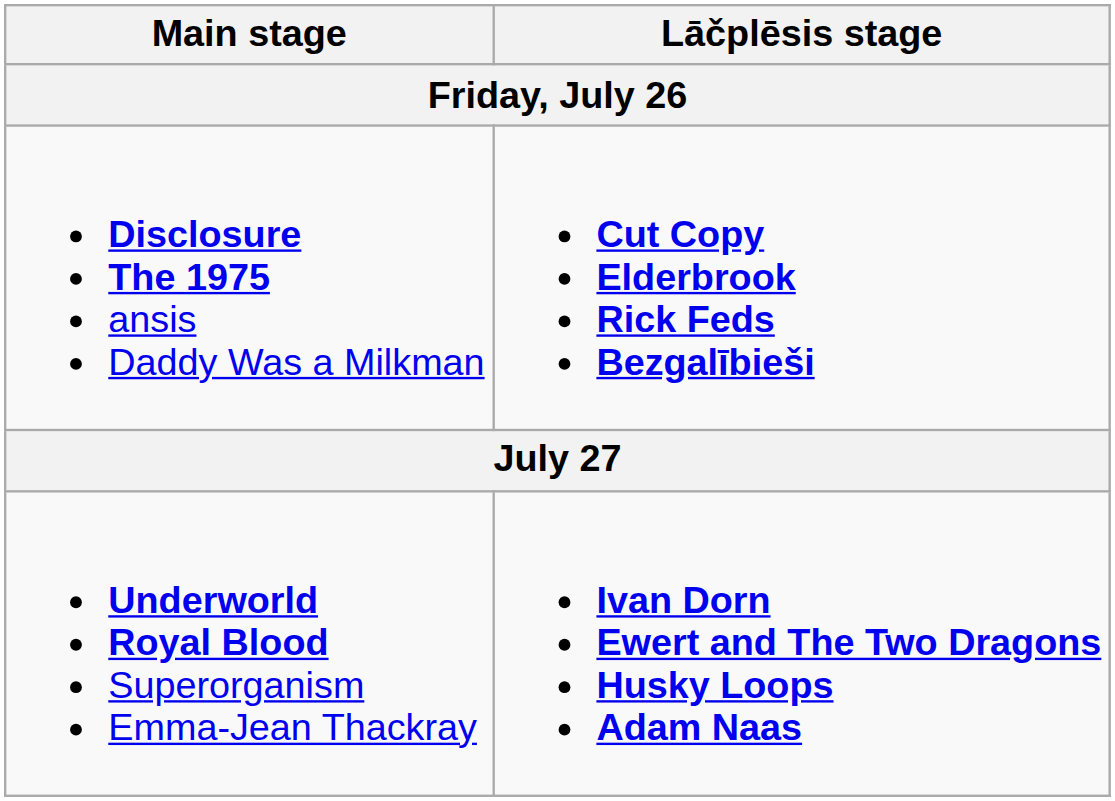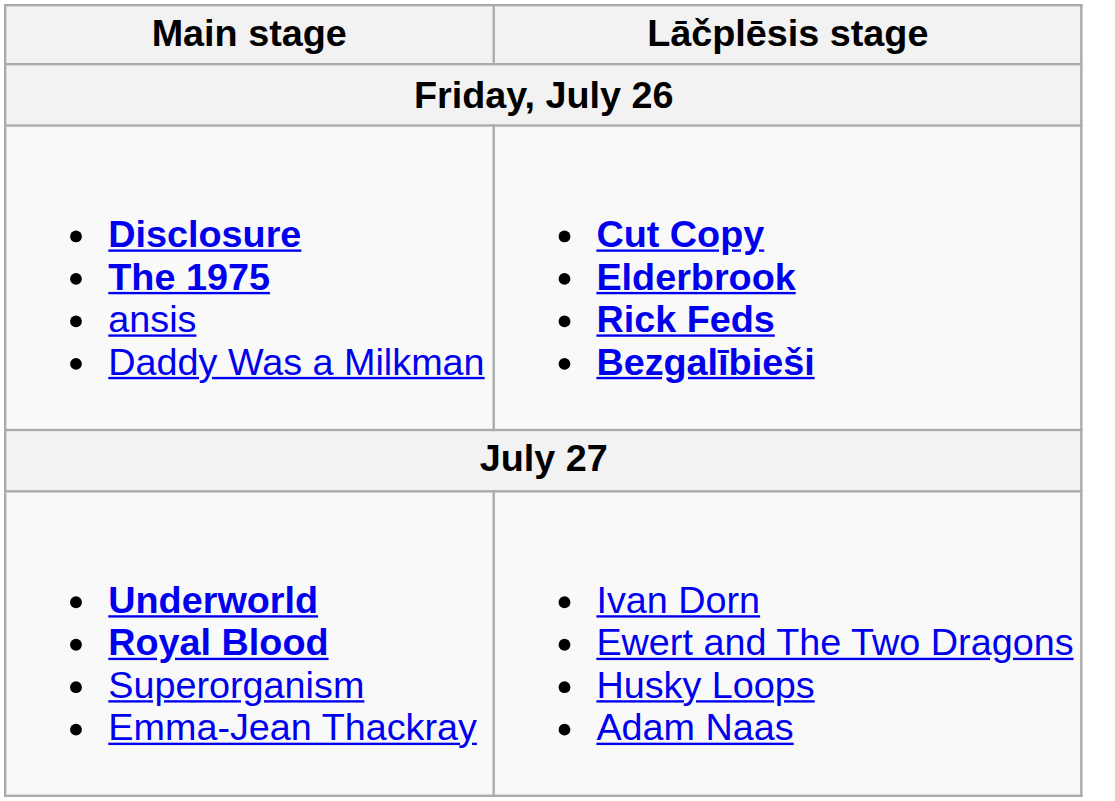 <table class="wikitable">
 <tr>
 <th>Main stage</th>
 <th>Lāčplēsis stage</th>
 </tr>
 <tr>
 <th colspan="2">Friday, July 26</th>
 </tr>
 <tr valign="top">
 <td><br><ul><li><strong><a href='#'>Disclosure</a></strong></li><li><strong><a href='#'>The 1975</a></strong></li><li><a href='#'>ansis</a></li><li><a href='#'>Daddy Was a Milkman</a></li></ul></td>
 <td><strong><br><ul><li><a href='#'>Cut Copy</a></li><li><a href='#'>Elderbrook</a></li><li><a href='#'>Rick Feds</a></li><li><a href='#'>Bezgalībieši</a></li></ul></strong></td>
 </tr>
 <tr>
 <th colspan="4">July 27</th>
 </tr>
 <tr valign="top">
 <td><br><ul><li><strong><a href='#'>Underworld</a></strong></li><li><strong><a href='#'>Royal Blood</a></strong></li><li><a href='#'>Superorganism</a></li><li><a href='#'>Emma-Jean Thackray</a></li></ul></td>
-<td><strong><br><ul><li><a href='#'>Ivan Dorn</a></li><li><a href='#'>Ewert and The Two Dragons</a></li><li><a href='#'>Husky Loops</a></li><li><a href='#'>Adam Naas</a></li></ul></strong></td>
+<td><br><ul><li><a href='#'>Ivan Dorn</a></li><li><a href='#'>Ewert and The Two Dragons</a></li><li><a href='#'>Husky Loops</a></li><li><a href='#'>Adam Naas</a></li></ul></td>
 </tr>
 </table>
